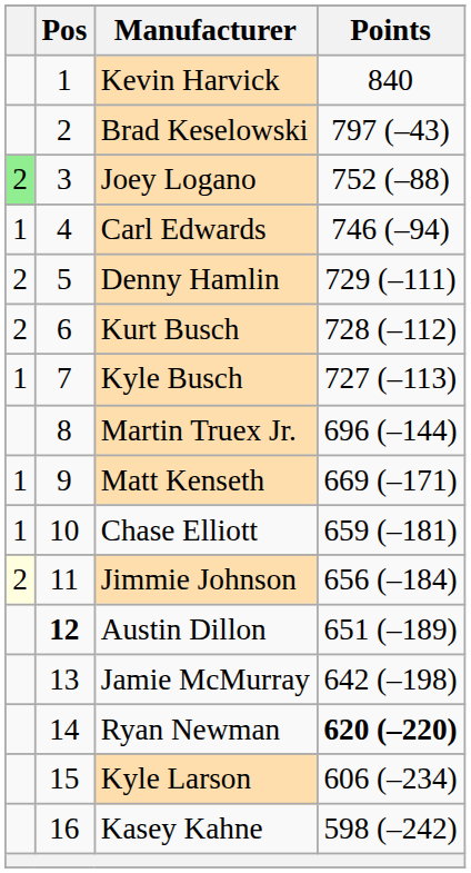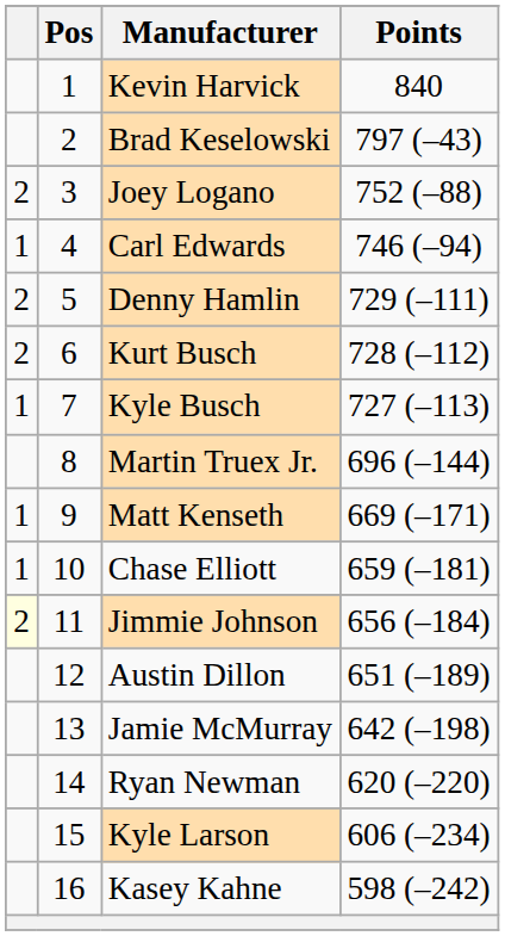 <table class="wikitable" style="font-size:95%">
 <tr>
 </tr>
 <tr>
 <th></th>
 <th>Pos</th>
 <th>Manufacturer</th>
 <th>Points</th>
 </tr>
 <tr>
 <td align="left"></td>
 <td style="text-align:center;">1</td>
 <td style="background:#FFDEAD;">Kevin Harvick</td>
 <td style="text-align:center;">840</td>
 </tr>
 <tr>
 <td align="left"></td>
 <td style="text-align:center;">2</td>
 <td style="background:#FFDEAD;">Brad Keselowski</td>
 <td style="text-align:center;">797 (–43)</td>
 </tr>
 <tr>
-<td align="left" style="background: lightgreen;"> 2</td>
+<td align="left"> 2</td>
 <td style="text-align:center;">3</td>
 <td style="background:#FFDEAD;">Joey Logano</td>
 <td style="text-align:center;">752 (–88)</td>
 </tr>
 <tr>
 <td align="left"> 1</td>
 <td style="text-align:center;">4</td>
 <td style="background:#FFDEAD;">Carl Edwards</td>
 <td style="text-align:center;">746 (–94)</td>
 </tr>
 <tr>
 <td align="left"> 2</td>
 <td style="text-align:center;">5</td>
 <td style="background:#FFDEAD;">Denny Hamlin</td>
 <td style="text-align:center;">729 (–111)</td>
 </tr>
 <tr>
 <td align="left"> 2</td>
 <td style="text-align:center;">6</td>
 <td style="background:#FFDEAD;">Kurt Busch</td>
 <td style="text-align:center;">728 (–112)</td>
 </tr>
 <tr>
 <td align="left"> 1</td>
 <td style="text-align:center;">7</td>
 <td style="background:#FFDEAD;">Kyle Busch</td>
 <td style="text-align:center;">727 (–113)</td>
 </tr>
 <tr>
 <td align="left"></td>
 <td style="text-align:center;">8</td>
 <td style="background:#FFDEAD;">Martin Truex Jr.</td>
 <td style="text-align:center;">696 (–144)</td>
 </tr>
 <tr>
 <td align="left"> 1</td>
 <td style="text-align:center;">9</td>
 <td style="background:#FFDEAD;">Matt Kenseth</td>
 <td style="text-align:center;">669 (–171)</td>
 </tr>
 <tr>
 <td align="left"> 1</td>
 <td style="text-align:center;">10</td>
 <td>Chase Elliott</td>
 <td style="text-align:center;">659 (–181)</td>
 </tr>
 <tr>
 <td align="left" style="background: lightyellow;"> 2</td>
 <td style="text-align:center;">11</td>
 <td style="background:#FFDEAD;">Jimmie Johnson</td>
 <td style="text-align:center;">656 (–184)</td>
 </tr>
 <tr>
 <td align="left"></td>
-<td style="text-align:center;"><strong>12</strong></td>
+<td style="text-align:center;">12</td>
 <td>Austin Dillon</td>
 <td style="text-align:center;">651 (–189)</td>
 </tr>
 <tr>
 <td align="left"></td>
 <td style="text-align:center;">13</td>
 <td>Jamie McMurray</td>
 <td style="text-align:center;">642 (–198)</td>
 </tr>
 <tr>
 <td align="left"></td>
 <td style="text-align:center;">14</td>
 <td>Ryan Newman</td>
-<td style="text-align:center;"><strong>620 (–220)</strong></td>
+<td style="text-align:center;">620 (–220)</td>
 </tr>
 <tr>
 <td align="left"></td>
 <td style="text-align:center;">15</td>
 <td style="background:#FFDEAD;">Kyle Larson</td>
 <td style="text-align:center;">606 (–234)</td>
 </tr>
 <tr>
 <td align="left"></td>
 <td style="text-align:center;">16</td>
 <td>Kasey Kahne</td>
 <td style="text-align:center;">598 (–242)</td>
 </tr>
 <tr class="sortbottom">
 <th colspan="9"></th>
 </tr>
 </table>
